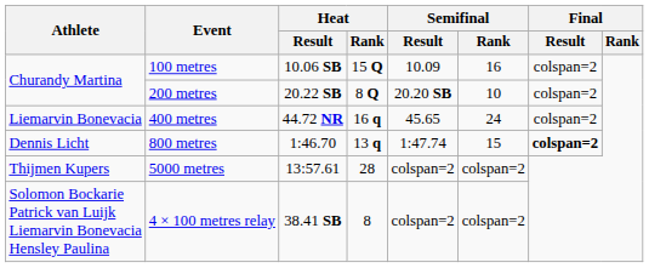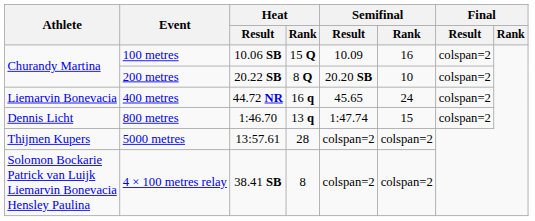 <table class="wikitable" style="font-size:90%">
 <tr>
 <th rowspan="2">Athlete</th>
 <th rowspan="2">Event</th>
 <th colspan="2">Heat</th>
 <th colspan="2">Semifinal</th>
 <th colspan="2">Final</th>
 </tr>
 <tr style="font-size:95%">
 <th>Result</th>
 <th>Rank</th>
 <th>Result</th>
 <th>Rank</th>
 <th>Result</th>
 <th>Rank</th>
 </tr>
 <tr style=text-align:center>
 <td style=text-align:left rowspan=2><a href='#'>Churandy Martina</a></td>
 <td style=text-align:left><a href='#'>100 metres</a></td>
 <td>10.06 <strong>SB</strong></td>
 <td>15 <strong>Q</strong></td>
 <td>10.09</td>
 <td>16</td>
 <td>colspan=2 </td>
 </tr>
 <tr style=text-align:center>
 <td style=text-align:left><a href='#'>200 metres</a></td>
 <td>20.22 <strong>SB</strong></td>
 <td>8 <strong>Q</strong></td>
 <td>20.20 <strong>SB</strong></td>
 <td>10</td>
 <td>colspan=2 </td>
 </tr>
 <tr style=text-align:center>
 <td style=text-align:left><a href='#'>Liemarvin Bonevacia</a></td>
 <td style=text-align:left><a href='#'>400 metres</a></td>
 <td>44.72 <strong><a href='#'>NR</a></strong></td>
 <td>16 <strong>q</strong></td>
 <td>45.65</td>
 <td>24</td>
 <td>colspan=2 </td>
 </tr>
 <tr style=text-align:center>
 <td style=text-align:left><a href='#'>Dennis Licht</a></td>
 <td style=text-align:left><a href='#'>800 metres</a></td>
 <td>1:46.70</td>
 <td>13 <strong>q</strong></td>
 <td>1:47.74</td>
 <td>15</td>
-<td><strong>colspan=2 </strong></td>
+<td>colspan=2 </td>
 </tr>
 <tr style=text-align:center>
 <td style=text-align:left><a href='#'>Thijmen Kupers</a></td>
 <td style=text-align:left><a href='#'>5000 metres</a></td>
 <td>13:57.61</td>
 <td>28</td>
 <td>colspan=2 </td>
 <td>colspan=2 </td>
 </tr>
 <tr style=text-align:center>
 <td style=text-align:left><a href='#'>Solomon Bockarie</a><br><a href='#'>Patrick van Luijk</a><br><a href='#'>Liemarvin Bonevacia</a><br><a href='#'>Hensley Paulina</a></td>
 <td style=text-align:left><a href='#'>4 × 100 metres relay</a></td>
 <td>38.41 <strong>SB</strong></td>
 <td>8</td>
 <td>colspan=2 </td>
 <td>colspan=2 </td>
 </tr>
 </table>
